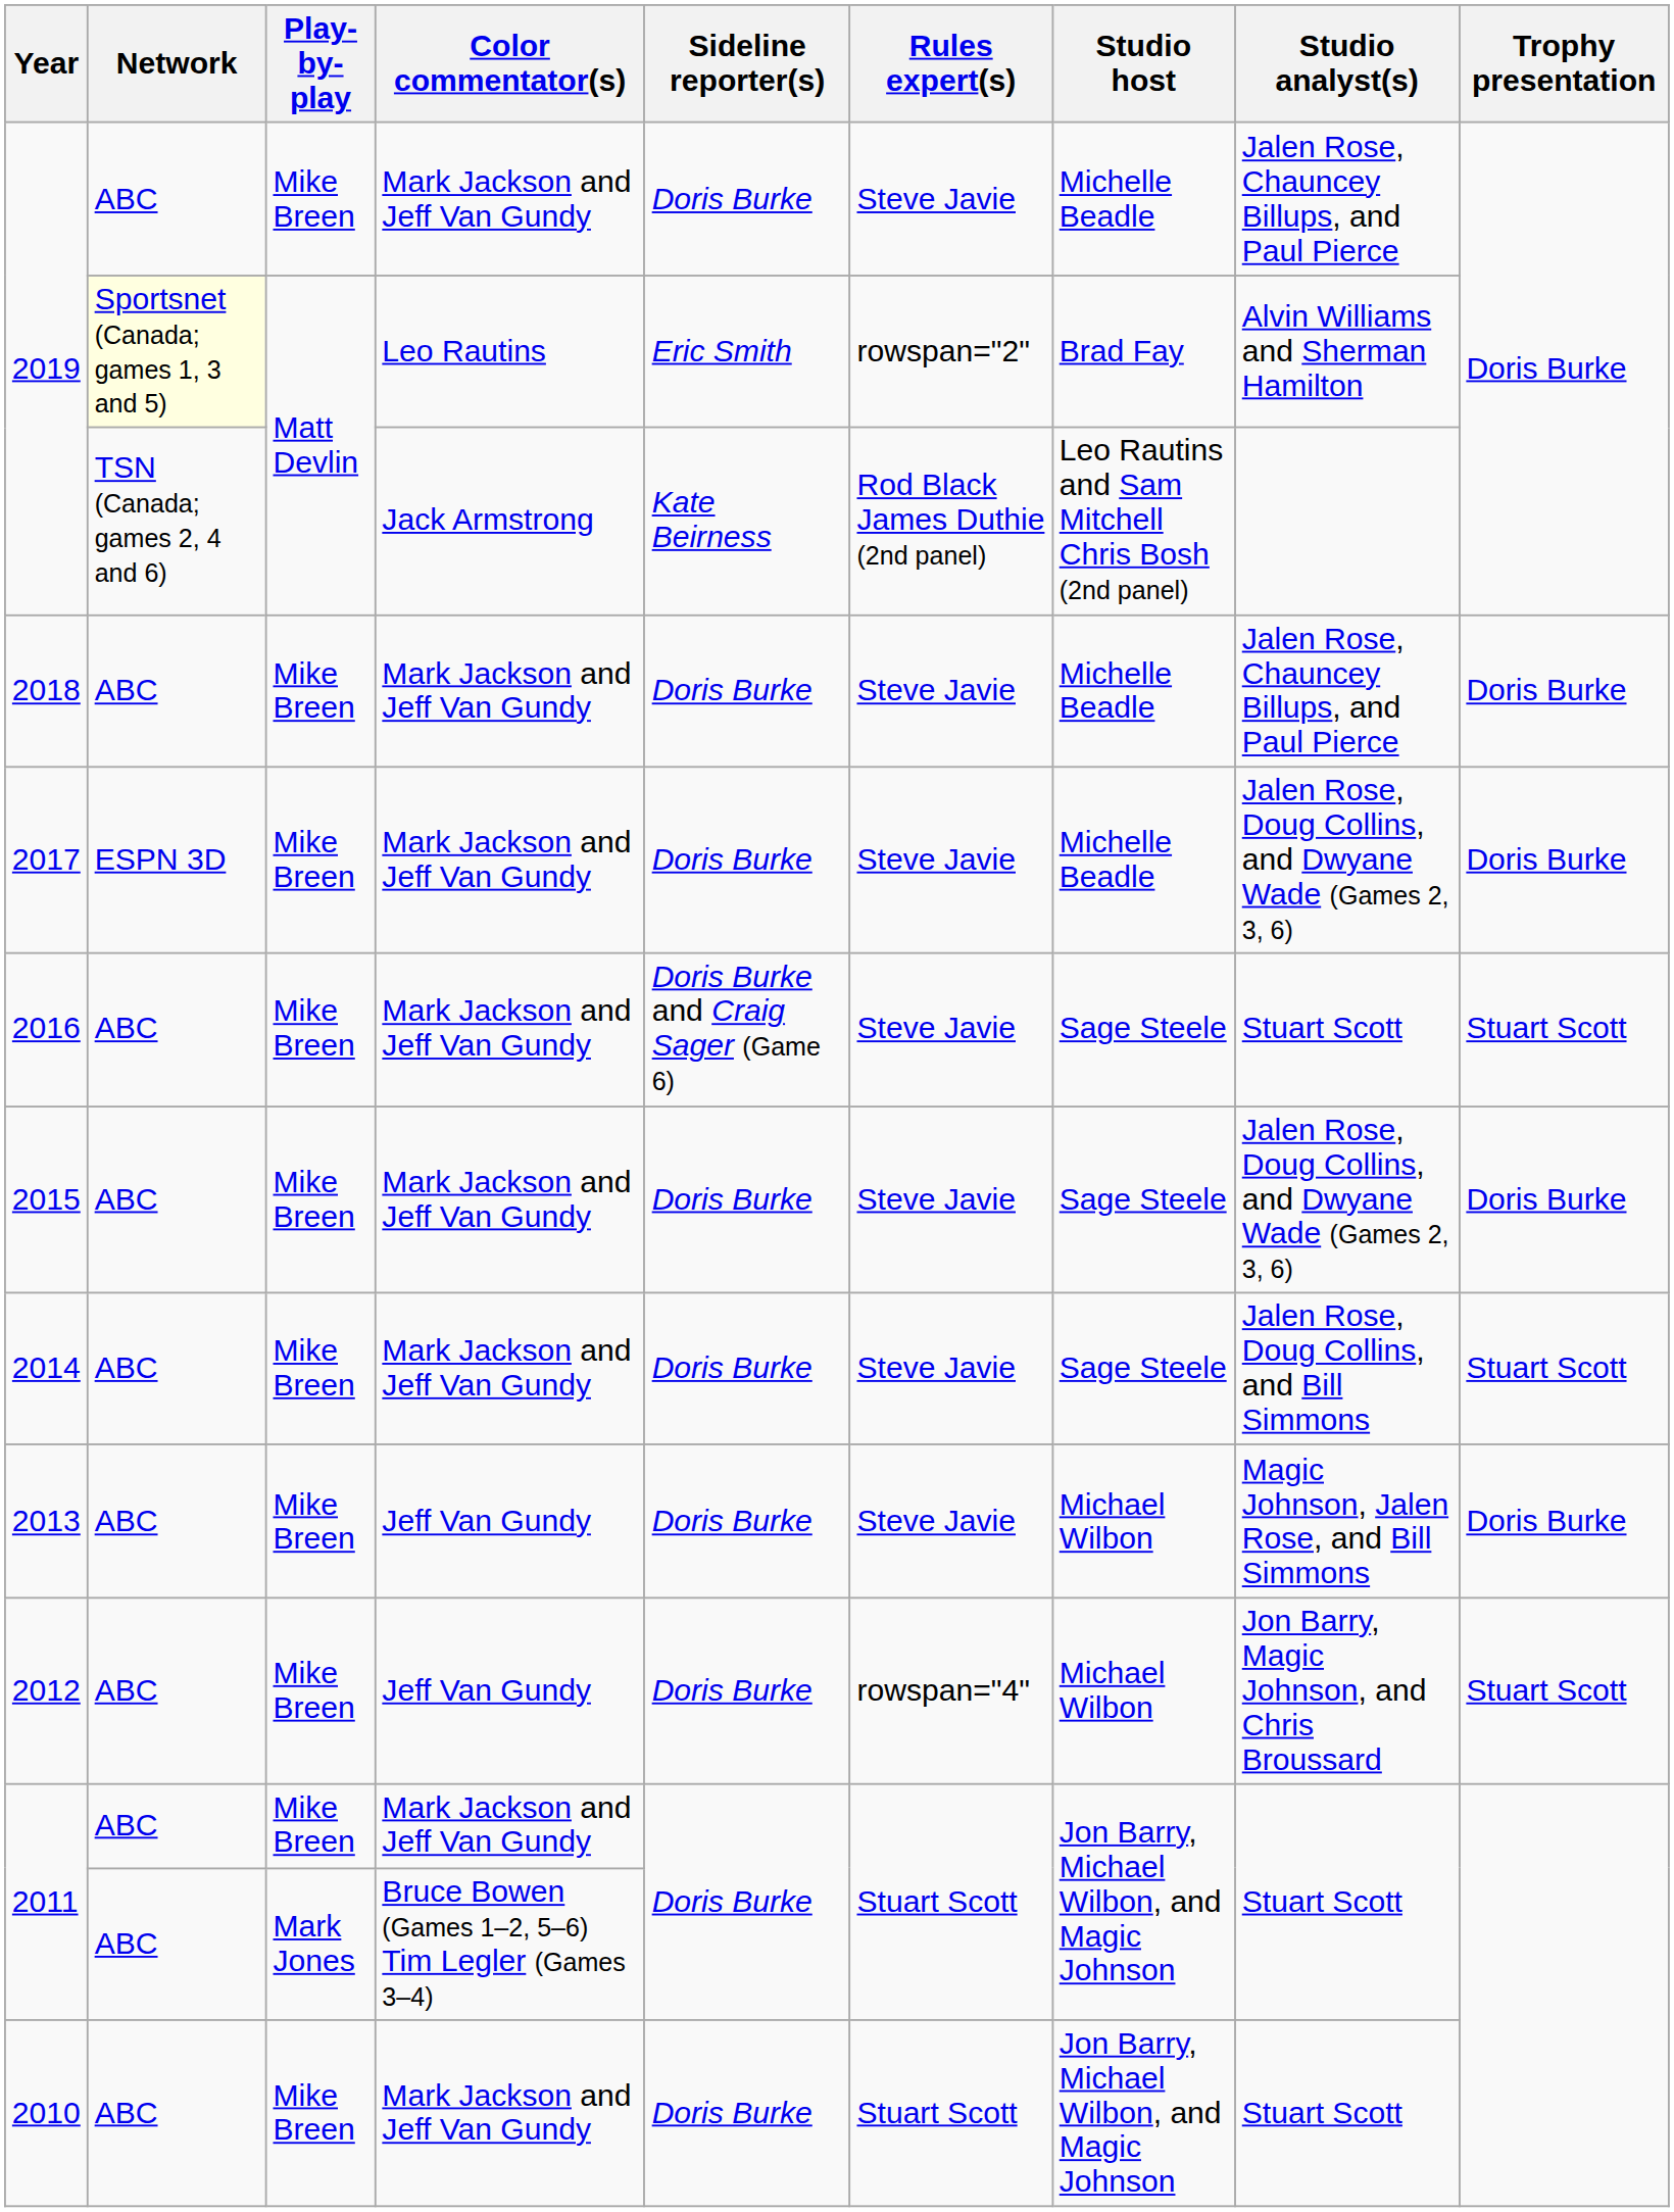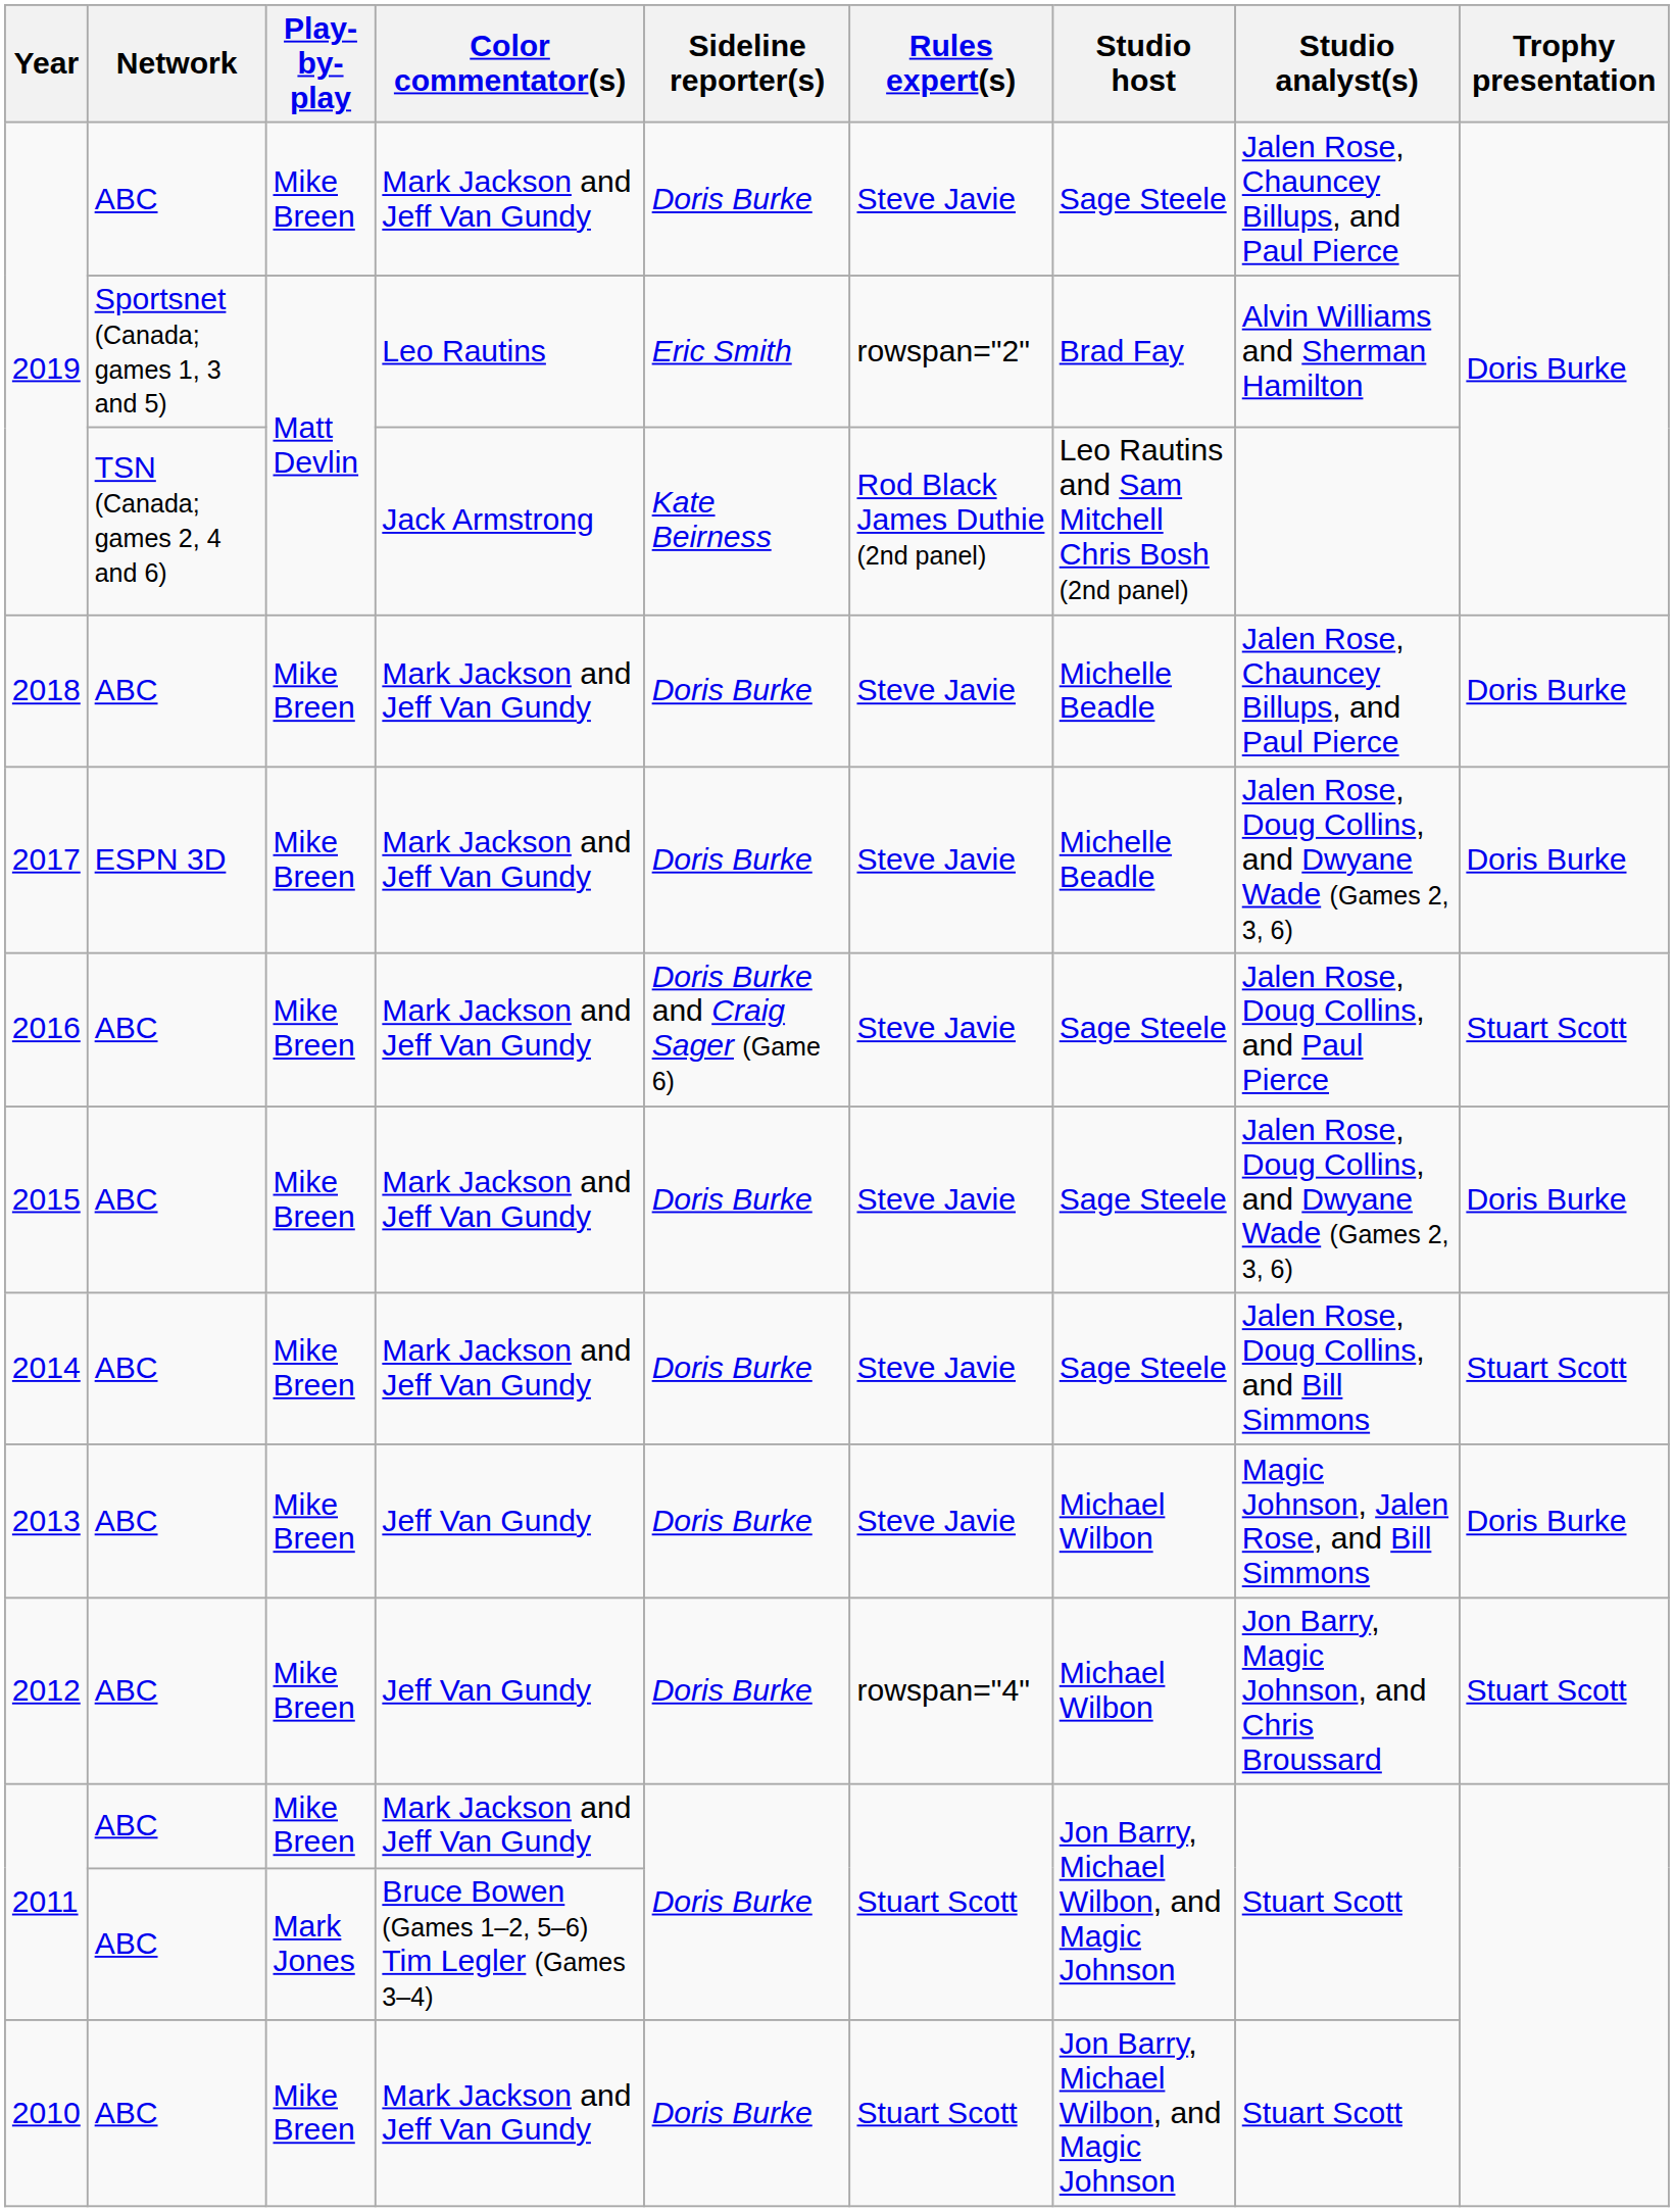 <table class="wikitable">
 <tr>
 <th>Year</th>
 <th>Network</th>
 <th><a href='#'>Play-by-play</a></th>
 <th><a href='#'>Color commentator</a>(s)</th>
 <th>Sideline reporter(s)</th>
 <th><a href='#'>Rules expert</a>(s)</th>
 <th>Studio host</th>
 <th>Studio analyst(s)</th>
 <th>Trophy presentation</th>
 </tr>
 <tr>
 <td rowspan=3><a href='#'>2019</a></td>
 <td><a href='#'>ABC</a></td>
 <td><a href='#'>Mike Breen</a></td>
 <td><a href='#'>Mark Jackson</a> and <a href='#'>Jeff Van Gundy</a></td>
 <td><em><a href='#'>Doris Burke</a></em></td>
 <td><a href='#'>Steve Javie</a></td>
-<td><a href='#'>Michelle Beadle</a></td>
+<td><a href='#'>Sage Steele</a></td>
 <td><a href='#'>Jalen Rose</a>, <a href='#'>Chauncey Billups</a>, and <a href='#'>Paul Pierce</a></td>
 <td rowspan="3"><a href='#'>Doris Burke</a></td>
 </tr>
 <tr>
-<td style="background: lightyellow;"><a href='#'>Sportsnet</a> <small>(Canada; games 1, 3 and 5)</small></td>
+<td><a href='#'>Sportsnet</a> <small>(Canada; games 1, 3 and 5)</small></td>
 <td rowspan=2><a href='#'>Matt Devlin</a></td>
 <td><a href='#'>Leo Rautins</a></td>
 <td><em><a href='#'>Eric Smith</a></em></td>
 <td>rowspan="2" </td>
 <td><a href='#'>Brad Fay</a></td>
 <td><a href='#'>Alvin Williams</a> and <a href='#'>Sherman Hamilton</a></td>
 </tr>
 <tr>
 <td><a href='#'>TSN</a> <small>(Canada; games 2, 4 and 6)</small></td>
 <td><a href='#'>Jack Armstrong</a></td>
 <td><em><a href='#'>Kate Beirness</a></em></td>
 <td><a href='#'>Rod Black</a><br><a href='#'>James Duthie</a> <small>(2nd panel)</small></td>
 <td>Leo Rautins and <a href='#'>Sam Mitchell</a><br><a href='#'>Chris Bosh</a> <small>(2nd panel)</small></td>
 </tr>
 <tr>
 <td><a href='#'>2018</a></td>
 <td><a href='#'>ABC</a></td>
 <td><a href='#'>Mike Breen</a></td>
 <td><a href='#'>Mark Jackson</a> and <a href='#'>Jeff Van Gundy</a></td>
 <td><em><a href='#'>Doris Burke</a></em></td>
 <td><a href='#'>Steve Javie</a></td>
 <td><a href='#'>Michelle Beadle</a></td>
 <td><a href='#'>Jalen Rose</a>, <a href='#'>Chauncey Billups</a>, and <a href='#'>Paul Pierce</a></td>
 <td><a href='#'>Doris Burke</a></td>
 </tr>
 <tr>
 <td><a href='#'>2017</a></td>
 <td><a href='#'>ESPN 3D</a></td>
 <td><a href='#'>Mike Breen</a></td>
 <td><a href='#'>Mark Jackson</a> and <a href='#'>Jeff Van Gundy</a></td>
 <td><em><a href='#'>Doris Burke</a></em></td>
 <td><a href='#'>Steve Javie</a></td>
 <td><a href='#'>Michelle Beadle</a></td>
 <td><a href='#'>Jalen Rose</a>, <a href='#'>Doug Collins</a>, and <a href='#'>Dwyane Wade</a> <small>(Games 2, 3, 6)</small></td>
 <td><a href='#'>Doris Burke</a></td>
 </tr>
 <tr>
 <td><a href='#'>2016</a></td>
 <td><a href='#'>ABC</a></td>
 <td><a href='#'>Mike Breen</a></td>
 <td><a href='#'>Mark Jackson</a> and <a href='#'>Jeff Van Gundy</a></td>
 <td><em><a href='#'>Doris Burke</a></em> and <em><a href='#'>Craig Sager</a></em> <small>(Game 6)</small></td>
 <td><a href='#'>Steve Javie</a></td>
 <td><a href='#'>Sage Steele</a></td>
-<td><a href='#'>Stuart Scott</a></td>
+<td><a href='#'>Jalen Rose</a>, <a href='#'>Doug Collins</a>, and <a href='#'>Paul Pierce</a></td>
 <td><a href='#'>Stuart Scott</a></td>
 </tr>
 <tr>
 <td><a href='#'>2015</a></td>
 <td><a href='#'>ABC</a></td>
 <td><a href='#'>Mike Breen</a></td>
 <td><a href='#'>Mark Jackson</a> and <a href='#'>Jeff Van Gundy</a></td>
 <td><em><a href='#'>Doris Burke</a></em></td>
 <td><a href='#'>Steve Javie</a></td>
 <td><a href='#'>Sage Steele</a></td>
 <td><a href='#'>Jalen Rose</a>, <a href='#'>Doug Collins</a>, and <a href='#'>Dwyane Wade</a> <small>(Games 2, 3, 6)</small></td>
 <td><a href='#'>Doris Burke</a></td>
 </tr>
 <tr>
 <td><a href='#'>2014</a></td>
 <td><a href='#'>ABC</a></td>
 <td><a href='#'>Mike Breen</a></td>
 <td><a href='#'>Mark Jackson</a> and <a href='#'>Jeff Van Gundy</a></td>
 <td><em><a href='#'>Doris Burke</a></em></td>
 <td><a href='#'>Steve Javie</a></td>
 <td><a href='#'>Sage Steele</a></td>
 <td><a href='#'>Jalen Rose</a>, <a href='#'>Doug Collins</a>, and <a href='#'>Bill Simmons</a></td>
 <td><a href='#'>Stuart Scott</a></td>
 </tr>
 <tr>
 <td><a href='#'>2013</a></td>
 <td><a href='#'>ABC</a></td>
 <td><a href='#'>Mike Breen</a></td>
 <td><a href='#'>Jeff Van Gundy</a></td>
 <td><em><a href='#'>Doris Burke</a></em></td>
 <td><a href='#'>Steve Javie</a></td>
 <td><a href='#'>Michael Wilbon</a></td>
 <td><a href='#'>Magic Johnson</a>, <a href='#'>Jalen Rose</a>, and <a href='#'>Bill Simmons</a></td>
 <td><a href='#'>Doris Burke</a></td>
 </tr>
 <tr>
 <td><a href='#'>2012</a></td>
 <td><a href='#'>ABC</a></td>
 <td><a href='#'>Mike Breen</a></td>
 <td><a href='#'>Jeff Van Gundy</a></td>
 <td><em><a href='#'>Doris Burke</a></em></td>
 <td>rowspan="4" </td>
 <td><a href='#'>Michael Wilbon</a></td>
 <td><a href='#'>Jon Barry</a>, <a href='#'>Magic Johnson</a>, and <a href='#'>Chris Broussard</a></td>
 <td><a href='#'>Stuart Scott</a></td>
 </tr>
 <tr>
 <td rowspan="2"><a href='#'>2011</a></td>
 <td><a href='#'>ABC</a></td>
 <td><a href='#'>Mike Breen</a></td>
 <td><a href='#'>Mark Jackson</a> and <a href='#'>Jeff Van Gundy</a></td>
 <td rowspan="2"><em><a href='#'>Doris Burke</a></em></td>
 <td rowspan="2"><a href='#'>Stuart Scott</a></td>
 <td rowspan="2"><a href='#'>Jon Barry</a>, <a href='#'>Michael Wilbon</a>, and <a href='#'>Magic Johnson</a></td>
 <td rowspan="2"><a href='#'>Stuart Scott</a></td>
 </tr>
 <tr>
 <td><a href='#'>ABC</a></td>
 <td><a href='#'>Mark Jones</a></td>
 <td><a href='#'>Bruce Bowen</a> <small>(Games 1–2, 5–6)</small><br><a href='#'>Tim Legler</a> <small>(Games 3–4)</small></td>
 </tr>
 <tr>
 <td><a href='#'>2010</a></td>
 <td><a href='#'>ABC</a></td>
 <td><a href='#'>Mike Breen</a></td>
 <td><a href='#'>Mark Jackson</a> and <a href='#'>Jeff Van Gundy</a></td>
 <td><em><a href='#'>Doris Burke</a></em></td>
 <td><a href='#'>Stuart Scott</a></td>
 <td><a href='#'>Jon Barry</a>, <a href='#'>Michael Wilbon</a>, and <a href='#'>Magic Johnson</a></td>
 <td><a href='#'>Stuart Scott</a></td>
 </tr>
 </table>
